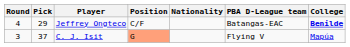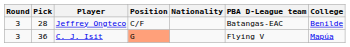 <table class="wikitable sortable sortable">
 <tr>
 <th>Round</th>
 <th>Pick</th>
 <th>Player</th>
 <th>Position</th>
 <th>Nationality</th>
 <th>PBA D-League team</th>
 <th>College</th>
 </tr>
 <tr>
-<td align=center>4</td>
-<td align=center>29</td>
+<td align=center>3</td>
+<td align=center>28</td>
 <td><a href='#'>Jeffrey Ongteco</a></td>
 <td>C/F</td>
 <td></td>
 <td>Batangas-EAC</td>
-<td><strong><a href='#'>Benilde</a></strong></td>
+<td><a href='#'>Benilde</a></td>
 </tr>
 <tr>
 <td align=center>3</td>
-<td align=center>37</td>
+<td align=center>36</td>
 <td><a href='#'>C. J. Isit</a></td>
 <td style="background: lightsalmon;">G</td>
 <td></td>
 <td>Flying V</td>
 <td><a href='#'>Mapúa</a></td>
 </tr>
 </table>
